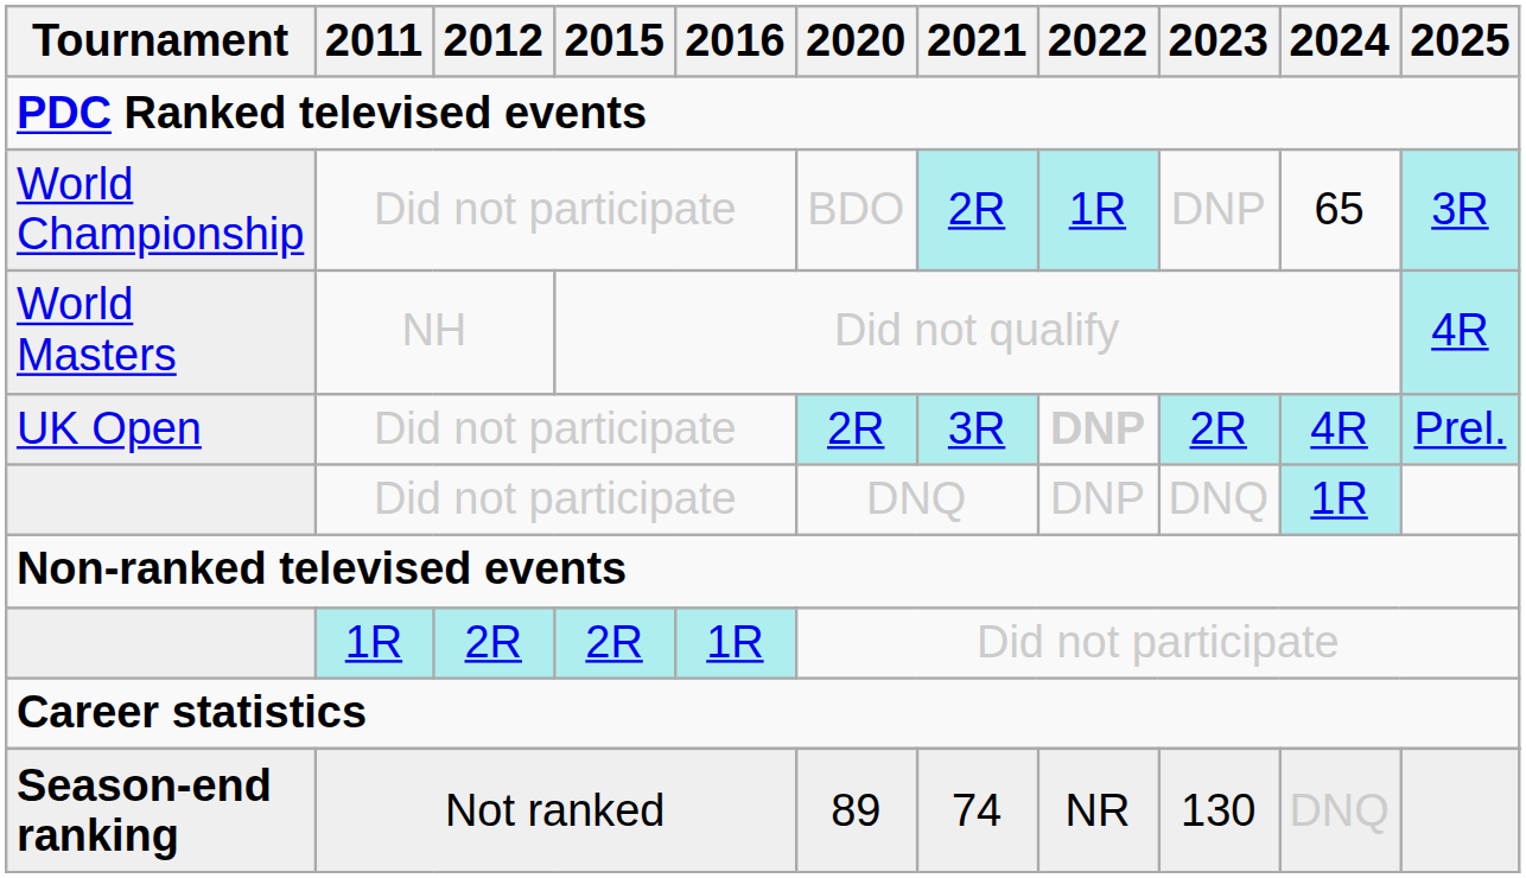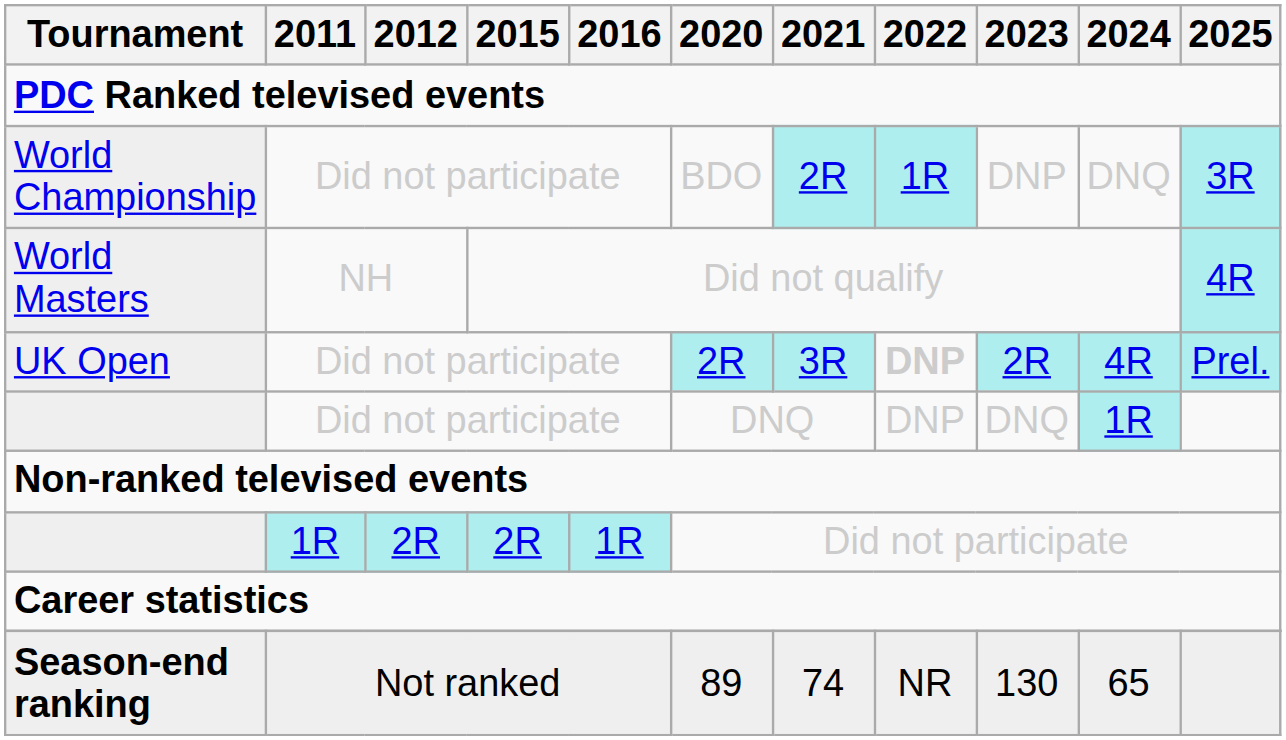 <table class="wikitable" style="width:20%; margin:0">
 <tr>
 <th>Tournament</th>
 <th>2011</th>
 <th>2012</th>
 <th>2015</th>
 <th>2016</th>
 <th>2020</th>
 <th>2021</th>
 <th>2022</th>
 <th>2023</th>
 <th>2024</th>
 <th>2025</th>
 </tr>
 <tr>
 <td colspan="20" align="left"><strong><a href='#'>PDC</a> Ranked televised events</strong></td>
 </tr>
 <tr>
 <td style="background:#efefef;"><a href='#'>World Championship</a></td>
 <td colspan="4" style="text-align:center; color:#ccc;">Did not participate</td>
 <td style="text-align:center; color:#ccc;">BDO</td>
 <td style="text-align:center; background:#afeeee;"><a href='#'>2R</a></td>
 <td style="text-align:center; background:#afeeee;"><a href='#'>1R</a></td>
 <td style="text-align:center; color:#ccc;">DNP</td>
-<td style="text-align:center;">65</td>
+<td style="text-align:center; color:#ccc;">DNQ</td>
 <td style="text-align:center; background:#afeeee;"><a href='#'>3R</a></td>
 </tr>
 <tr>
 <td style="background:#efefef;"><a href='#'>World Masters</a></td>
 <td colspan="2" style="text-align:center; color:#ccc;">NH</td>
 <td colspan="7" style="text-align:center; color:#ccc;">Did not qualify</td>
 <td style="text-align:center; background:#afeeee;"><a href='#'>4R</a></td>
 </tr>
 <tr>
 <td style="background:#efefef;"><a href='#'>UK Open</a></td>
 <td colspan="4" style="text-align:center; color:#ccc;">Did not participate</td>
 <td style="text-align:center; background:#afeeee;"><a href='#'>2R</a></td>
 <td style="text-align:center; background:#afeeee;"><a href='#'>3R</a></td>
 <td style="text-align:center; color:#ccc;"><strong>DNP</strong></td>
 <td style="text-align:center; background:#afeeee;"><a href='#'>2R</a></td>
 <td style="text-align:center; background:#afeeee;"><a href='#'>4R</a></td>
 <td style="text-align:center; background:#afeeee;"><a href='#'>Prel.</a></td>
 </tr>
 <tr>
 <td style="background:#efefef;"></td>
 <td colspan="4" style="text-align:center; color:#ccc;">Did not participate</td>
 <td colspan="2" style="text-align:center; color:#ccc;">DNQ</td>
 <td style="text-align:center; color:#ccc;">DNP</td>
 <td style="text-align:center; color:#ccc;">DNQ</td>
 <td style="text-align:center; background:#afeeee;"><a href='#'>1R</a></td>
 <td></td>
 </tr>
 <tr>
 <td colspan="20" align="left"><strong>Non-ranked televised events</strong></td>
 </tr>
 <tr>
 <td style="background:#efefef;"></td>
 <td style="text-align:center; background:#afeeee;"><a href='#'>1R</a></td>
 <td style="text-align:center; background:#afeeee;"><a href='#'>2R</a></td>
 <td style="text-align:center; background:#afeeee;"><a href='#'>2R</a></td>
 <td style="text-align:center; background:#afeeee;"><a href='#'>1R</a></td>
 <td colspan="6" style="text-align:center; color:#ccc;">Did not participate</td>
 </tr>
 <tr>
 <td colspan="20" align="left"><strong>Career statistics</strong></td>
 </tr>
 <tr>
 </tr>
 <tr bgcolor="efefef">
 <td align="left"><strong>Season-end ranking</strong></td>
 <td colspan="4" style="text-align:center;">Not ranked</td>
 <td style="text-align:center;">89</td>
 <td style="text-align:center;">74</td>
 <td style="text-align:center;">NR</td>
 <td style="text-align:center;">130</td>
-<td style="text-align:center; color:#ccc;">DNQ</td>
+<td style="text-align:center;">65</td>
 <td></td>
 </tr>
 </table>
